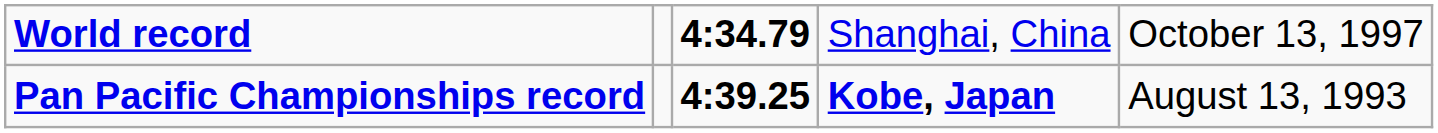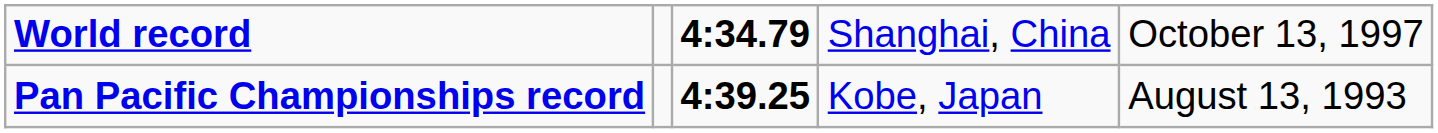 <table class="wikitable">
 <tr>
 <td><strong><a href='#'>World record</a></strong></td>
 <td></td>
 <td><strong>4:34.79</strong></td>
 <td><a href='#'>Shanghai</a>, <a href='#'>China</a></td>
 <td>October 13, 1997</td>
 </tr>
 <tr>
 <td><strong><a href='#'>Pan Pacific Championships record</a></strong></td>
 <td></td>
 <td><strong>4:39.25</strong></td>
-<td><strong><a href='#'>Kobe</a>, <a href='#'>Japan</a></strong></td>
+<td><a href='#'>Kobe</a>, <a href='#'>Japan</a></td>
 <td>August 13, 1993</td>
 </tr>
 </table>
